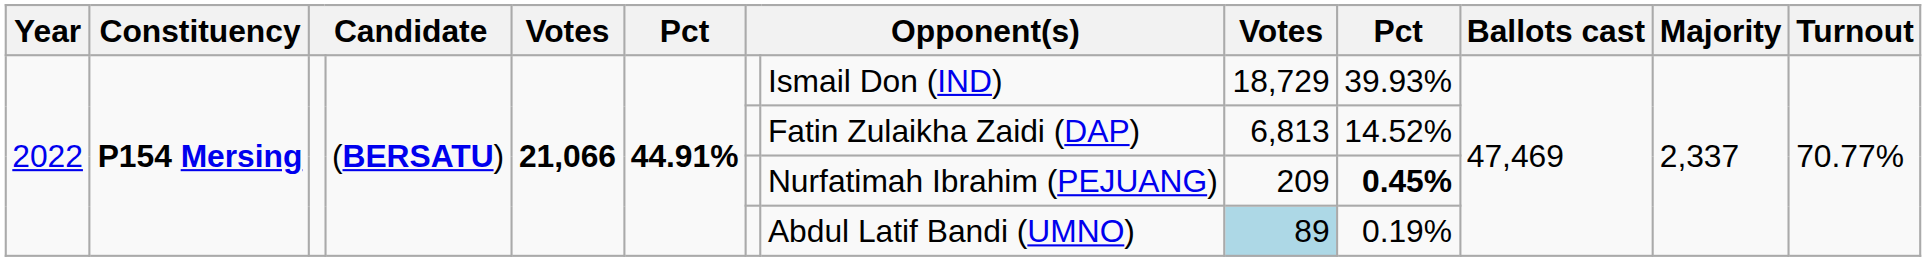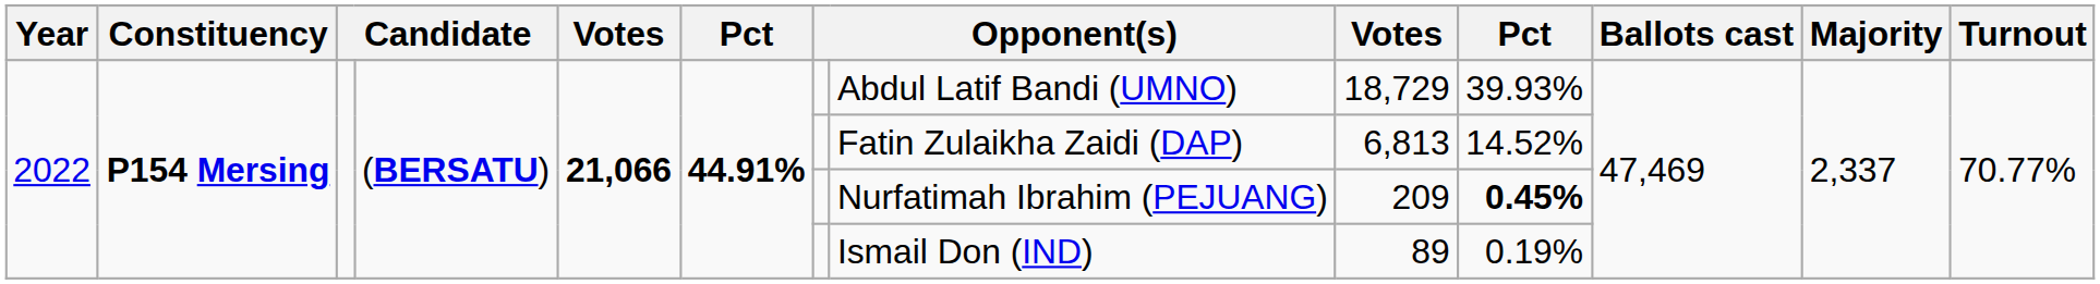 <table class="wikitable" style="margin:0.5em ; font-size:95%">
 <tr>
 <th>Year</th>
 <th>Constituency</th>
 <th colspan=2>Candidate</th>
 <th>Votes</th>
 <th>Pct</th>
 <th colspan=2>Opponent(s)</th>
 <th>Votes</th>
 <th>Pct</th>
 <th>Ballots cast</th>
 <th>Majority</th>
 <th>Turnout</th>
 </tr>
 <tr>
 <td rowspan=4><a href='#'>2022</a></td>
 <td rowspan=4><strong>P154 <a href='#'>Mersing</a></strong></td>
 <td rowspan=4 bgcolor=></td>
 <td rowspan=4> (<a href='#'><strong>BERSATU</strong></a>)</td>
 <td rowspan=4 align=right><strong>21,066</strong></td>
 <td rowspan=4><strong>44.91%</strong></td>
 <td></td>
-<td>Ismail Don (<a href='#'>IND</a>)</td>
+<td>Abdul Latif Bandi (<a href='#'>UMNO</a>)</td>
 <td align=right>18,729</td>
 <td>39.93%</td>
 <td rowspan=4>47,469</td>
 <td rowspan=4>2,337</td>
 <td rowspan=4>70.77%</td>
 </tr>
 <tr>
 <td></td>
 <td>Fatin Zulaikha Zaidi (<a href='#'>DAP</a>)</td>
 <td align=right>6,813</td>
 <td>14.52%</td>
 </tr>
 <tr>
 <td bgcolor=></td>
 <td>Nurfatimah Ibrahim (<a href='#'>PEJUANG</a>)</td>
 <td align=right>209</td>
 <td align=right><strong>0.45%</strong></td>
 </tr>
 <tr>
 <td></td>
-<td>Abdul Latif Bandi (<a href='#'>UMNO</a>)</td>
-<td align=right style="background: lightblue;">89</td>
+<td>Ismail Don (<a href='#'>IND</a>)</td>
+<td align=right>89</td>
 <td align=right>0.19%</td>
 </tr>
 </table>
